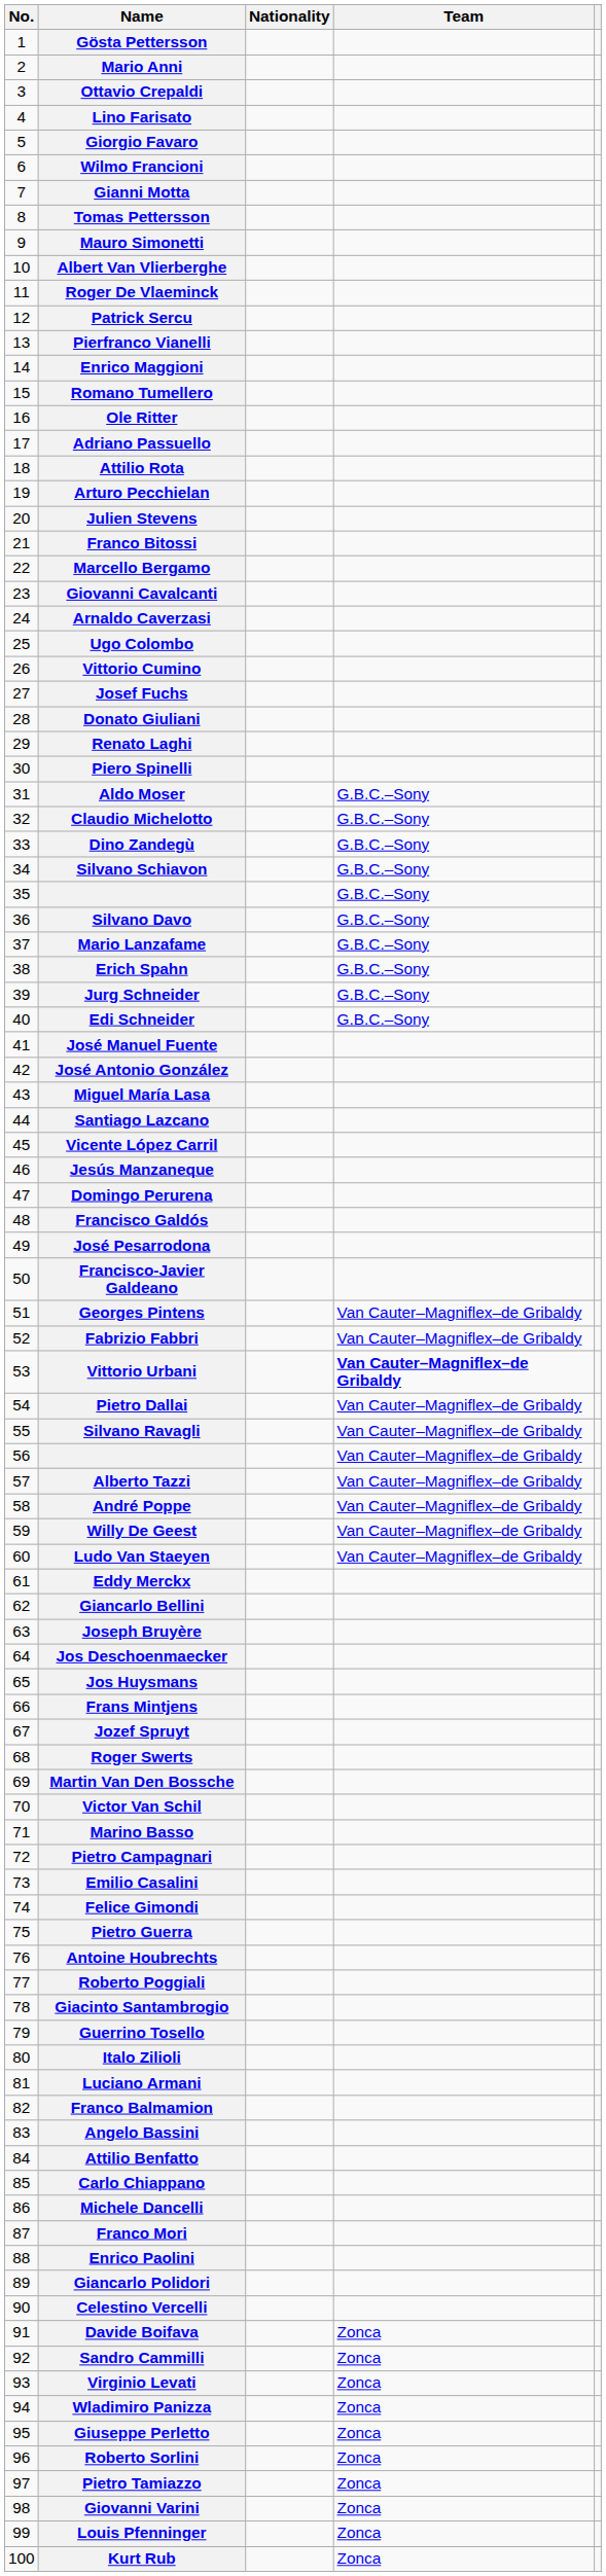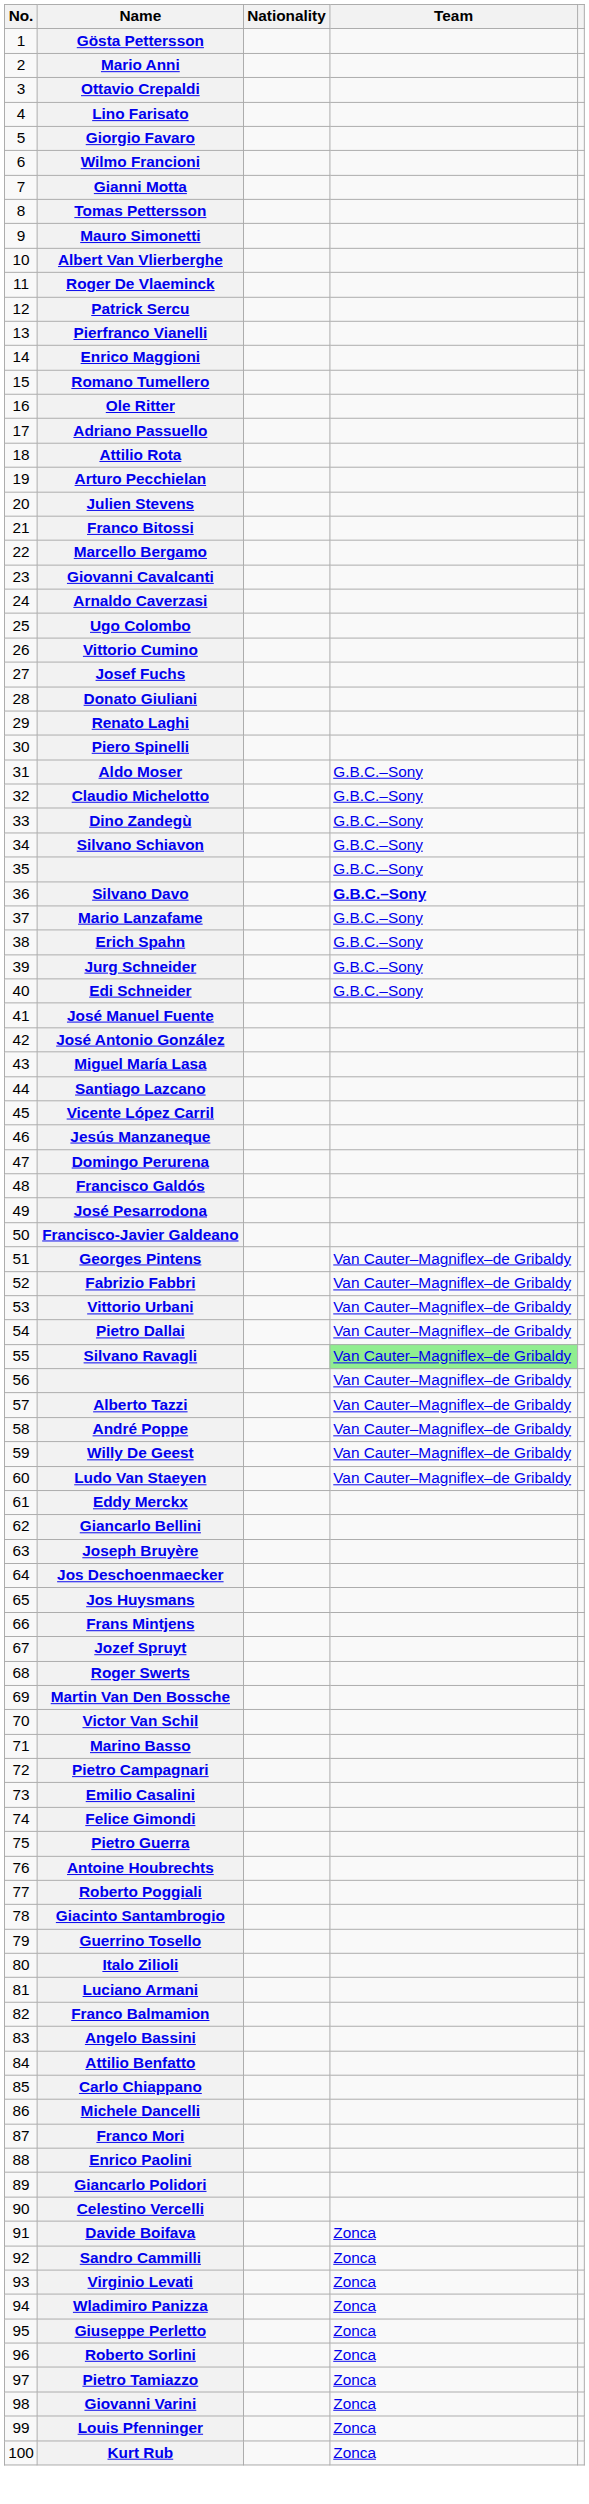 <table class="wikitable plainrowheaders sortable" style="width:97%">
 <tr>
 <th scope="col">No.</th>
 <th scope="col">Name</th>
 <th scope="col">Nationality</th>
 <th scope="col">Team</th>
 <th scope="col" class="unsortable"></th>
 </tr>
 <tr>
 <td style="text-align:center;">1</td>
 <th scope="row"><a href='#'>Gösta Pettersson</a></th>
 <td></td>
 <td></td>
 <td style="text-align:center;"></td>
 </tr>
 <tr>
 <td style="text-align:center;">2</td>
 <th scope="row"><a href='#'>Mario Anni</a></th>
 <td></td>
 <td></td>
 <td style="text-align:center;"></td>
 </tr>
 <tr>
 <td style="text-align:center;">3</td>
 <th scope="row"><a href='#'>Ottavio Crepaldi</a></th>
 <td></td>
 <td></td>
 <td style="text-align:center;"></td>
 </tr>
 <tr>
 <td style="text-align:center;">4</td>
 <th scope="row"><a href='#'>Lino Farisato</a></th>
 <td></td>
 <td></td>
 <td style="text-align:center;"></td>
 </tr>
 <tr>
 <td style="text-align:center;">5</td>
 <th scope="row"><a href='#'>Giorgio Favaro</a></th>
 <td></td>
 <td></td>
 <td style="text-align:center;"></td>
 </tr>
 <tr>
 <td style="text-align:center;">6</td>
 <th scope="row"><a href='#'>Wilmo Francioni</a></th>
 <td></td>
 <td></td>
 <td style="text-align:center;"></td>
 </tr>
 <tr>
 <td style="text-align:center;">7</td>
 <th scope="row"><a href='#'>Gianni Motta</a></th>
 <td></td>
 <td></td>
 <td style="text-align:center;"></td>
 </tr>
 <tr>
 <td style="text-align:center;">8</td>
 <th scope="row"><a href='#'>Tomas Pettersson</a></th>
 <td></td>
 <td></td>
 <td style="text-align:center;"></td>
 </tr>
 <tr>
 <td style="text-align:center;">9</td>
 <th scope="row"><a href='#'>Mauro Simonetti</a></th>
 <td></td>
 <td></td>
 <td style="text-align:center;"></td>
 </tr>
 <tr>
 <td style="text-align:center;">10</td>
 <th scope="row"><a href='#'>Albert Van Vlierberghe</a></th>
 <td></td>
 <td></td>
 <td style="text-align:center;"></td>
 </tr>
 <tr>
 <td style="text-align:center;">11</td>
 <th scope="row"><a href='#'>Roger De Vlaeminck</a></th>
 <td></td>
 <td></td>
 <td style="text-align:center;"></td>
 </tr>
 <tr>
 <td style="text-align:center;">12</td>
 <th scope="row"><a href='#'>Patrick Sercu</a></th>
 <td></td>
 <td></td>
 <td style="text-align:center;"></td>
 </tr>
 <tr>
 <td style="text-align:center;">13</td>
 <th scope="row"><a href='#'>Pierfranco Vianelli</a></th>
 <td></td>
 <td></td>
 <td style="text-align:center;"></td>
 </tr>
 <tr>
 <td style="text-align:center;">14</td>
 <th scope="row"><a href='#'>Enrico Maggioni</a></th>
 <td></td>
 <td></td>
 <td style="text-align:center;"></td>
 </tr>
 <tr>
 <td style="text-align:center;">15</td>
 <th scope="row"><a href='#'>Romano Tumellero</a></th>
 <td></td>
 <td></td>
 <td style="text-align:center;"></td>
 </tr>
 <tr>
 <td style="text-align:center;">16</td>
 <th scope="row"><a href='#'>Ole Ritter</a></th>
 <td></td>
 <td></td>
 <td style="text-align:center;"></td>
 </tr>
 <tr>
 <td style="text-align:center;">17</td>
 <th scope="row"><a href='#'>Adriano Passuello</a></th>
 <td></td>
 <td></td>
 <td style="text-align:center;"></td>
 </tr>
 <tr>
 <td style="text-align:center;">18</td>
 <th scope="row"><a href='#'>Attilio Rota</a></th>
 <td></td>
 <td></td>
 <td style="text-align:center;"></td>
 </tr>
 <tr>
 <td style="text-align:center;">19</td>
 <th scope="row"><a href='#'>Arturo Pecchielan</a></th>
 <td></td>
 <td></td>
 <td style="text-align:center;"></td>
 </tr>
 <tr>
 <td style="text-align:center;">20</td>
 <th scope="row"><a href='#'>Julien Stevens</a></th>
 <td></td>
 <td></td>
 <td style="text-align:center;"></td>
 </tr>
 <tr>
 <td style="text-align:center;">21</td>
 <th scope="row"><a href='#'>Franco Bitossi</a></th>
 <td></td>
 <td></td>
 <td style="text-align:center;"></td>
 </tr>
 <tr>
 <td style="text-align:center;">22</td>
 <th scope="row"><a href='#'>Marcello Bergamo</a></th>
 <td></td>
 <td></td>
 <td style="text-align:center;"></td>
 </tr>
 <tr>
 <td style="text-align:center;">23</td>
 <th scope="row"><a href='#'>Giovanni Cavalcanti</a></th>
 <td></td>
 <td></td>
 <td style="text-align:center;"></td>
 </tr>
 <tr>
 <td style="text-align:center;">24</td>
 <th scope="row"><a href='#'>Arnaldo Caverzasi</a></th>
 <td></td>
 <td></td>
 <td style="text-align:center;"></td>
 </tr>
 <tr>
 <td style="text-align:center;">25</td>
 <th scope="row"><a href='#'>Ugo Colombo</a></th>
 <td></td>
 <td></td>
 <td style="text-align:center;"></td>
 </tr>
 <tr>
 <td style="text-align:center;">26</td>
 <th scope="row"><a href='#'>Vittorio Cumino</a></th>
 <td></td>
 <td></td>
 <td style="text-align:center;"></td>
 </tr>
 <tr>
 <td style="text-align:center;">27</td>
 <th scope="row"><a href='#'>Josef Fuchs</a></th>
 <td></td>
 <td></td>
 <td style="text-align:center;"></td>
 </tr>
 <tr>
 <td style="text-align:center;">28</td>
 <th scope="row"><a href='#'>Donato Giuliani</a></th>
 <td></td>
 <td></td>
 <td style="text-align:center;"></td>
 </tr>
 <tr>
 <td style="text-align:center;">29</td>
 <th scope="row"><a href='#'>Renato Laghi</a></th>
 <td></td>
 <td></td>
 <td style="text-align:center;"></td>
 </tr>
 <tr>
 <td style="text-align:center;">30</td>
 <th scope="row"><a href='#'>Piero Spinelli</a></th>
 <td></td>
 <td></td>
 <td style="text-align:center;"></td>
 </tr>
 <tr>
 <td style="text-align:center;">31</td>
 <th scope="row"><a href='#'>Aldo Moser</a></th>
 <td></td>
 <td><a href='#'>G.B.C.–Sony</a></td>
 <td style="text-align:center;"></td>
 </tr>
 <tr>
 <td style="text-align:center;">32</td>
 <th scope="row"><a href='#'>Claudio Michelotto</a></th>
 <td></td>
 <td><a href='#'>G.B.C.–Sony</a></td>
 <td style="text-align:center;"></td>
 </tr>
 <tr>
 <td style="text-align:center;">33</td>
 <th scope="row"><a href='#'>Dino Zandegù</a></th>
 <td></td>
 <td><a href='#'>G.B.C.–Sony</a></td>
 <td style="text-align:center;"></td>
 </tr>
 <tr>
 <td style="text-align:center;">34</td>
 <th scope="row"><a href='#'>Silvano Schiavon</a></th>
 <td></td>
 <td><a href='#'>G.B.C.–Sony</a></td>
 <td style="text-align:center;"></td>
 </tr>
 <tr>
 <td style="text-align:center;">35</td>
 <th scope="row"></th>
 <td></td>
 <td><a href='#'>G.B.C.–Sony</a></td>
 <td style="text-align:center;"></td>
 </tr>
 <tr>
 <td style="text-align:center;">36</td>
 <th scope="row"><a href='#'>Silvano Davo</a></th>
 <td></td>
-<td><a href='#'>G.B.C.–Sony</a></td>
+<td><strong><a href='#'>G.B.C.–Sony</a></strong></td>
 <td style="text-align:center;"></td>
 </tr>
 <tr>
 <td style="text-align:center;">37</td>
 <th scope="row"><a href='#'>Mario Lanzafame</a></th>
 <td></td>
 <td><a href='#'>G.B.C.–Sony</a></td>
 <td style="text-align:center;"></td>
 </tr>
 <tr>
 <td style="text-align:center;">38</td>
 <th scope="row"><a href='#'>Erich Spahn</a></th>
 <td></td>
 <td><a href='#'>G.B.C.–Sony</a></td>
 <td style="text-align:center;"></td>
 </tr>
 <tr>
 <td style="text-align:center;">39</td>
 <th scope="row"><a href='#'>Jurg Schneider</a></th>
 <td></td>
 <td><a href='#'>G.B.C.–Sony</a></td>
 <td style="text-align:center;"></td>
 </tr>
 <tr>
 <td style="text-align:center;">40</td>
 <th scope="row"><a href='#'>Edi Schneider</a></th>
 <td></td>
 <td><a href='#'>G.B.C.–Sony</a></td>
 <td style="text-align:center;"></td>
 </tr>
 <tr>
 <td style="text-align:center;">41</td>
 <th scope="row"><a href='#'>José Manuel Fuente</a></th>
 <td></td>
 <td></td>
 <td style="text-align:center;"></td>
 </tr>
 <tr>
 <td style="text-align:center;">42</td>
 <th scope="row"><a href='#'>José Antonio González</a></th>
 <td></td>
 <td></td>
 <td style="text-align:center;"></td>
 </tr>
 <tr>
 <td style="text-align:center;">43</td>
 <th scope="row"><a href='#'>Miguel María Lasa</a></th>
 <td></td>
 <td></td>
 <td style="text-align:center;"></td>
 </tr>
 <tr>
 <td style="text-align:center;">44</td>
 <th scope="row"><a href='#'>Santiago Lazcano</a></th>
 <td></td>
 <td></td>
 <td style="text-align:center;"></td>
 </tr>
 <tr>
 <td style="text-align:center;">45</td>
 <th scope="row"><a href='#'>Vicente López Carril</a></th>
 <td></td>
 <td></td>
 <td style="text-align:center;"></td>
 </tr>
 <tr>
 <td style="text-align:center;">46</td>
 <th scope="row"><a href='#'>Jesús Manzaneque</a></th>
 <td></td>
 <td></td>
 <td style="text-align:center;"></td>
 </tr>
 <tr>
 <td style="text-align:center;">47</td>
 <th scope="row"><a href='#'>Domingo Perurena</a></th>
 <td></td>
 <td></td>
 <td style="text-align:center;"></td>
 </tr>
 <tr>
 <td style="text-align:center;">48</td>
 <th scope="row"><a href='#'>Francisco Galdós</a></th>
 <td></td>
 <td></td>
 <td style="text-align:center;"></td>
 </tr>
 <tr>
 <td style="text-align:center;">49</td>
 <th scope="row"><a href='#'>José Pesarrodona</a></th>
 <td></td>
 <td></td>
 <td style="text-align:center;"></td>
 </tr>
 <tr>
 <td style="text-align:center;">50</td>
 <th scope="row"><a href='#'>Francisco-Javier Galdeano</a></th>
 <td></td>
 <td></td>
 <td style="text-align:center;"></td>
 </tr>
 <tr>
 <td style="text-align:center;">51</td>
 <th scope="row"><a href='#'>Georges Pintens</a></th>
 <td></td>
 <td><a href='#'>Van Cauter–Magniflex–de Gribaldy</a></td>
 <td style="text-align:center;"></td>
 </tr>
 <tr>
 <td style="text-align:center;">52</td>
 <th scope="row"><a href='#'>Fabrizio Fabbri</a></th>
 <td></td>
 <td><a href='#'>Van Cauter–Magniflex–de Gribaldy</a></td>
 <td style="text-align:center;"></td>
 </tr>
 <tr>
 <td style="text-align:center;">53</td>
 <th scope="row"><a href='#'>Vittorio Urbani</a></th>
 <td></td>
-<td><strong><a href='#'>Van Cauter–Magniflex–de Gribaldy</a></strong></td>
+<td><a href='#'>Van Cauter–Magniflex–de Gribaldy</a></td>
 <td style="text-align:center;"></td>
 </tr>
 <tr>
 <td style="text-align:center;">54</td>
 <th scope="row"><a href='#'>Pietro Dallai</a></th>
 <td></td>
 <td><a href='#'>Van Cauter–Magniflex–de Gribaldy</a></td>
 <td style="text-align:center;"></td>
 </tr>
 <tr>
 <td style="text-align:center;">55</td>
 <th scope="row"><a href='#'>Silvano Ravagli</a></th>
 <td></td>
-<td><a href='#'>Van Cauter–Magniflex–de Gribaldy</a></td>
+<td style="background: lightgreen;"><a href='#'>Van Cauter–Magniflex–de Gribaldy</a></td>
 <td style="text-align:center;"></td>
 </tr>
 <tr>
 <td style="text-align:center;">56</td>
 <th scope="row"></th>
 <td></td>
 <td><a href='#'>Van Cauter–Magniflex–de Gribaldy</a></td>
 <td style="text-align:center;"></td>
 </tr>
 <tr>
 <td style="text-align:center;">57</td>
 <th scope="row"><a href='#'>Alberto Tazzi</a></th>
 <td></td>
 <td><a href='#'>Van Cauter–Magniflex–de Gribaldy</a></td>
 <td style="text-align:center;"></td>
 </tr>
 <tr>
 <td style="text-align:center;">58</td>
 <th scope="row"><a href='#'>André Poppe</a></th>
 <td></td>
 <td><a href='#'>Van Cauter–Magniflex–de Gribaldy</a></td>
 <td style="text-align:center;"></td>
 </tr>
 <tr>
 <td style="text-align:center;">59</td>
 <th scope="row"><a href='#'>Willy De Geest</a></th>
 <td></td>
 <td><a href='#'>Van Cauter–Magniflex–de Gribaldy</a></td>
 <td style="text-align:center;"></td>
 </tr>
 <tr>
 <td style="text-align:center;">60</td>
 <th scope="row"><a href='#'>Ludo Van Staeyen</a></th>
 <td></td>
 <td><a href='#'>Van Cauter–Magniflex–de Gribaldy</a></td>
 <td style="text-align:center;"></td>
 </tr>
 <tr>
 <td style="text-align:center;">61</td>
 <th scope="row"><a href='#'>Eddy Merckx</a></th>
 <td></td>
 <td></td>
 <td style="text-align:center;"></td>
 </tr>
 <tr>
 <td style="text-align:center;">62</td>
 <th scope="row"><a href='#'>Giancarlo Bellini</a></th>
 <td></td>
 <td></td>
 <td style="text-align:center;"></td>
 </tr>
 <tr>
 <td style="text-align:center;">63</td>
 <th scope="row"><a href='#'>Joseph Bruyère</a></th>
 <td></td>
 <td></td>
 <td style="text-align:center;"></td>
 </tr>
 <tr>
 <td style="text-align:center;">64</td>
 <th scope="row"><a href='#'>Jos Deschoenmaecker</a></th>
 <td></td>
 <td></td>
 <td style="text-align:center;"></td>
 </tr>
 <tr>
 <td style="text-align:center;">65</td>
 <th scope="row"><a href='#'>Jos Huysmans</a></th>
 <td></td>
 <td></td>
 <td style="text-align:center;"></td>
 </tr>
 <tr>
 <td style="text-align:center;">66</td>
 <th scope="row"><a href='#'>Frans Mintjens</a></th>
 <td></td>
 <td></td>
 <td style="text-align:center;"></td>
 </tr>
 <tr>
 <td style="text-align:center;">67</td>
 <th scope="row"><a href='#'>Jozef Spruyt</a></th>
 <td></td>
 <td></td>
 <td style="text-align:center;"></td>
 </tr>
 <tr>
 <td style="text-align:center;">68</td>
 <th scope="row"><a href='#'>Roger Swerts</a></th>
 <td></td>
 <td></td>
 <td style="text-align:center;"></td>
 </tr>
 <tr>
 <td style="text-align:center;">69</td>
 <th scope="row"><a href='#'>Martin Van Den Bossche</a></th>
 <td></td>
 <td></td>
 <td style="text-align:center;"></td>
 </tr>
 <tr>
 <td style="text-align:center;">70</td>
 <th scope="row"><a href='#'>Victor Van Schil</a></th>
 <td></td>
 <td></td>
 <td style="text-align:center;"></td>
 </tr>
 <tr>
 <td style="text-align:center;">71</td>
 <th scope="row"><a href='#'>Marino Basso</a></th>
 <td></td>
 <td></td>
 <td style="text-align:center;"></td>
 </tr>
 <tr>
 <td style="text-align:center;">72</td>
 <th scope="row"><a href='#'>Pietro Campagnari</a></th>
 <td></td>
 <td></td>
 <td style="text-align:center;"></td>
 </tr>
 <tr>
 <td style="text-align:center;">73</td>
 <th scope="row"><a href='#'>Emilio Casalini</a></th>
 <td></td>
 <td></td>
 <td style="text-align:center;"></td>
 </tr>
 <tr>
 <td style="text-align:center;">74</td>
 <th scope="row"><a href='#'>Felice Gimondi</a></th>
 <td></td>
 <td></td>
 <td style="text-align:center;"></td>
 </tr>
 <tr>
 <td style="text-align:center;">75</td>
 <th scope="row"><a href='#'>Pietro Guerra</a></th>
 <td></td>
 <td></td>
 <td style="text-align:center;"></td>
 </tr>
 <tr>
 <td style="text-align:center;">76</td>
 <th scope="row"><a href='#'>Antoine Houbrechts</a></th>
 <td></td>
 <td></td>
 <td style="text-align:center;"></td>
 </tr>
 <tr>
 <td style="text-align:center;">77</td>
 <th scope="row"><a href='#'>Roberto Poggiali</a></th>
 <td></td>
 <td></td>
 <td style="text-align:center;"></td>
 </tr>
 <tr>
 <td style="text-align:center;">78</td>
 <th scope="row"><a href='#'>Giacinto Santambrogio</a></th>
 <td></td>
 <td></td>
 <td style="text-align:center;"></td>
 </tr>
 <tr>
 <td style="text-align:center;">79</td>
 <th scope="row"><a href='#'>Guerrino Tosello</a></th>
 <td></td>
 <td></td>
 <td style="text-align:center;"></td>
 </tr>
 <tr>
 <td style="text-align:center;">80</td>
 <th scope="row"><a href='#'>Italo Zilioli</a></th>
 <td></td>
 <td></td>
 <td style="text-align:center;"></td>
 </tr>
 <tr>
 <td style="text-align:center;">81</td>
 <th scope="row"><a href='#'>Luciano Armani</a></th>
 <td></td>
 <td></td>
 <td style="text-align:center;"></td>
 </tr>
 <tr>
 <td style="text-align:center;">82</td>
 <th scope="row"><a href='#'>Franco Balmamion</a></th>
 <td></td>
 <td></td>
 <td style="text-align:center;"></td>
 </tr>
 <tr>
 <td style="text-align:center;">83</td>
 <th scope="row"><a href='#'>Angelo Bassini</a></th>
 <td></td>
 <td></td>
 <td style="text-align:center;"></td>
 </tr>
 <tr>
 <td style="text-align:center;">84</td>
 <th scope="row"><a href='#'>Attilio Benfatto</a></th>
 <td></td>
 <td></td>
 <td style="text-align:center;"></td>
 </tr>
 <tr>
 <td style="text-align:center;">85</td>
 <th scope="row"><a href='#'>Carlo Chiappano</a></th>
 <td></td>
 <td></td>
 <td style="text-align:center;"></td>
 </tr>
 <tr>
 <td style="text-align:center;">86</td>
 <th scope="row"><a href='#'>Michele Dancelli</a></th>
 <td></td>
 <td></td>
 <td style="text-align:center;"></td>
 </tr>
 <tr>
 <td style="text-align:center;">87</td>
 <th scope="row"><a href='#'>Franco Mori</a></th>
 <td></td>
 <td></td>
 <td style="text-align:center;"></td>
 </tr>
 <tr>
 <td style="text-align:center;">88</td>
 <th scope="row"><a href='#'>Enrico Paolini</a></th>
 <td></td>
 <td></td>
 <td style="text-align:center;"></td>
 </tr>
 <tr>
 <td style="text-align:center;">89</td>
 <th scope="row"><a href='#'>Giancarlo Polidori</a></th>
 <td></td>
 <td></td>
 <td style="text-align:center;"></td>
 </tr>
 <tr>
 <td style="text-align:center;">90</td>
 <th scope="row"><a href='#'>Celestino Vercelli</a></th>
 <td></td>
 <td></td>
 <td style="text-align:center;"></td>
 </tr>
 <tr>
 <td style="text-align:center;">91</td>
 <th scope="row"><a href='#'>Davide Boifava</a></th>
 <td></td>
 <td><a href='#'>Zonca</a></td>
 <td style="text-align:center;"></td>
 </tr>
 <tr>
 <td style="text-align:center;">92</td>
 <th scope="row"><a href='#'>Sandro Cammilli</a></th>
 <td></td>
 <td><a href='#'>Zonca</a></td>
 <td style="text-align:center;"></td>
 </tr>
 <tr>
 <td style="text-align:center;">93</td>
 <th scope="row"><a href='#'>Virginio Levati</a></th>
 <td></td>
 <td><a href='#'>Zonca</a></td>
 <td style="text-align:center;"></td>
 </tr>
 <tr>
 <td style="text-align:center;">94</td>
 <th scope="row"><a href='#'>Wladimiro Panizza</a></th>
 <td></td>
 <td><a href='#'>Zonca</a></td>
 <td style="text-align:center;"></td>
 </tr>
 <tr>
 <td style="text-align:center;">95</td>
 <th scope="row"><a href='#'>Giuseppe Perletto</a></th>
 <td></td>
 <td><a href='#'>Zonca</a></td>
 <td style="text-align:center;"></td>
 </tr>
 <tr>
 <td style="text-align:center;">96</td>
 <th scope="row"><a href='#'>Roberto Sorlini</a></th>
 <td></td>
 <td><a href='#'>Zonca</a></td>
 <td style="text-align:center;"></td>
 </tr>
 <tr>
 <td style="text-align:center;">97</td>
 <th scope="row"><a href='#'>Pietro Tamiazzo</a></th>
 <td></td>
 <td><a href='#'>Zonca</a></td>
 <td style="text-align:center;"></td>
 </tr>
 <tr>
 <td style="text-align:center;">98</td>
 <th scope="row"><a href='#'>Giovanni Varini</a></th>
 <td></td>
 <td><a href='#'>Zonca</a></td>
 <td style="text-align:center;"></td>
 </tr>
 <tr>
 <td style="text-align:center;">99</td>
 <th scope="row"><a href='#'>Louis Pfenninger</a></th>
 <td></td>
 <td><a href='#'>Zonca</a></td>
 <td style="text-align:center;"></td>
 </tr>
 <tr>
 <td style="text-align:center;">100</td>
 <th scope="row"><a href='#'>Kurt Rub</a></th>
 <td></td>
 <td><a href='#'>Zonca</a></td>
 <td style="text-align:center;"></td>
 </tr>
 </table>
